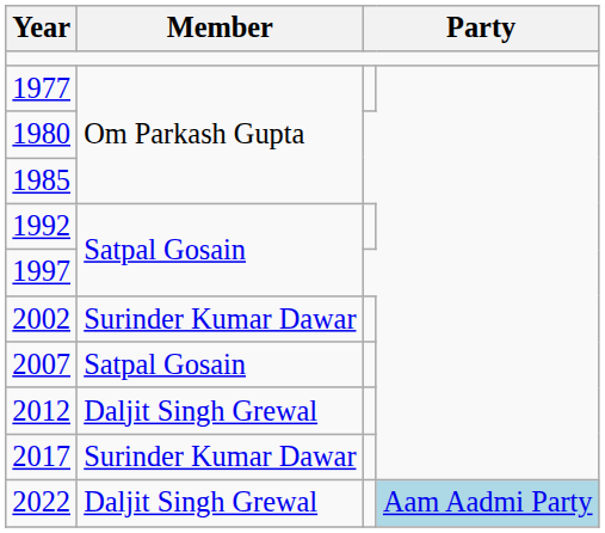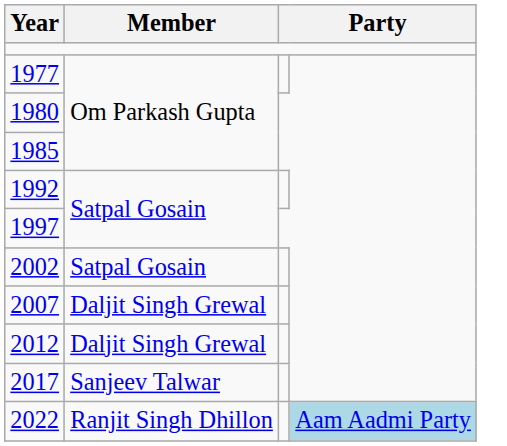 <table class="wikitable sortable">
 <tr>
 <th>Year</th>
 <th>Member</th>
 <th colspan="2">Party</th>
 </tr>
 <tr>
 <td colspan="4"></td>
 </tr>
 <tr>
 <td><a href='#'>1977</a></td>
 <td rowspan=3>Om Parkash Gupta</td>
 <td></td>
 </tr>
 <tr>
 <td><a href='#'>1980</a></td>
 </tr>
 <tr>
 <td><a href='#'>1985</a></td>
 </tr>
 <tr>
 <td><a href='#'>1992</a></td>
 <td rowspan=2><a href='#'>Satpal Gosain</a></td>
 <td></td>
 </tr>
 <tr>
 <td><a href='#'>1997</a></td>
 </tr>
 <tr>
 <td><a href='#'>2002</a></td>
-<td><a href='#'>Surinder Kumar Dawar</a></td>
+<td><a href='#'>Satpal Gosain</a></td>
 <td></td>
 </tr>
 <tr>
 <td><a href='#'>2007</a></td>
-<td><a href='#'>Satpal Gosain</a></td>
+<td><a href='#'>Daljit Singh Grewal</a></td>
 <td></td>
 </tr>
 <tr>
 <td><a href='#'>2012</a></td>
 <td><a href='#'>Daljit Singh Grewal</a></td>
 <td></td>
 </tr>
 <tr>
 <td><a href='#'>2017</a></td>
-<td><a href='#'>Surinder Kumar Dawar</a></td>
+<td><a href='#'>Sanjeev Talwar</a></td>
 <td></td>
 </tr>
 <tr>
 <td><a href='#'>2022</a></td>
-<td><a href='#'>Daljit Singh Grewal</a></td>
+<td><a href='#'>Ranjit Singh Dhillon</a></td>
 <td style="background-color: "></td>
 <td style="background: lightblue;"><a href='#'>Aam Aadmi Party</a></td>
 </tr>
 </table>
